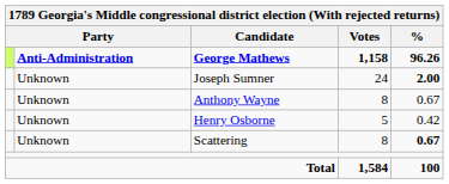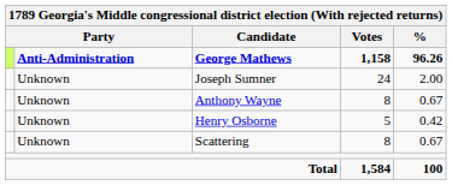 <table class=wikitable style=text-align:right>
 <tr>
 <th colspan="5">1789 Georgia's Middle congressional district election (With rejected returns)</th>
 </tr>
 <tr>
 <th colspan=2>Party</th>
 <th>Candidate</th>
 <th>Votes</th>
 <th>%</th>
 </tr>
 <tr>
 <td bgcolor=#CCFF66></td>
 <td align=left><strong><a href='#'>Anti-Administration</a></strong></td>
 <td align=left><strong><a href='#'>George Mathews</a></strong></td>
 <td><strong>1,158</strong></td>
 <td><strong>96.26</strong></td>
 </tr>
 <tr>
 <td></td>
 <td align=left>Unknown</td>
 <td align=left>Joseph Sumner</td>
 <td>24</td>
-<td><strong>2.00</strong></td>
+<td>2.00</td>
 </tr>
 <tr>
 <td></td>
 <td align=left>Unknown</td>
 <td align=left><a href='#'>Anthony Wayne</a></td>
 <td>8</td>
 <td>0.67</td>
 </tr>
 <tr>
 <td></td>
 <td align=left>Unknown</td>
 <td align=left><a href='#'>Henry Osborne</a></td>
 <td>5</td>
 <td>0.42</td>
 </tr>
 <tr>
 <td></td>
 <td align=left>Unknown</td>
 <td align=left>Scattering</td>
 <td>8</td>
-<td><strong>0.67</strong></td>
+<td>0.67</td>
 </tr>
 <tr>
 <td colspan=12></td>
 </tr>
 <tr>
 <td colspan=3><strong>Total</strong></td>
 <td><strong>1,584</strong></td>
 <td><strong>100</strong></td>
 </tr>
 </table>
